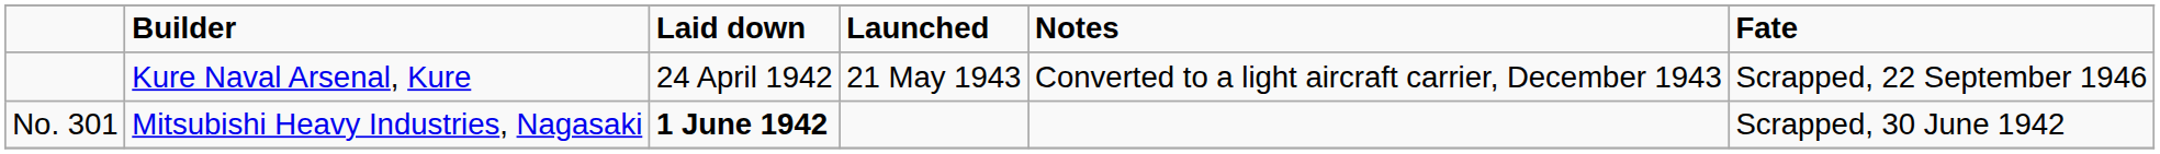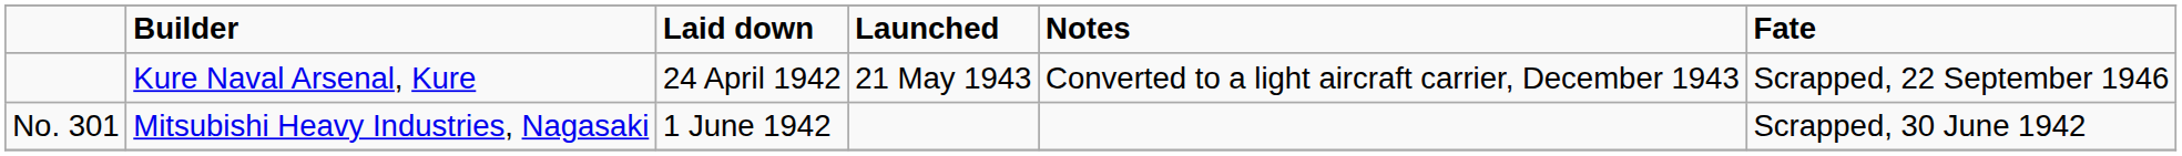 <table class="wikitable" align=center style="font-size:100%;">
 <tr>
 </tr>
 <tr bgcolor="#efefef">
 </tr>
 <tr>
 <td></td>
 <td><strong>Builder</strong></td>
 <td><strong>Laid down</strong></td>
 <td><strong>Launched</strong></td>
 <td><strong>Notes</strong></td>
 <td><strong>Fate</strong></td>
 </tr>
 <tr>
 <td></td>
 <td><a href='#'>Kure Naval Arsenal</a>, <a href='#'>Kure</a></td>
 <td>24 April 1942</td>
 <td>21 May 1943</td>
 <td>Converted to a light aircraft carrier, December 1943</td>
 <td>Scrapped, 22 September 1946</td>
 </tr>
 <tr>
 <td>No. 301</td>
 <td><a href='#'>Mitsubishi Heavy Industries</a>, <a href='#'>Nagasaki</a></td>
-<td><strong>1 June 1942</strong></td>
+<td>1 June 1942</td>
 <td></td>
 <td></td>
 <td>Scrapped, 30 June 1942</td>
 </tr>
 <tr>
 </tr>
 </table>
